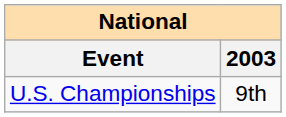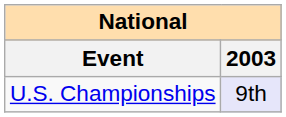 <table class="wikitable" style="text-align:center">
 <tr>
 <th style="background-color: #ffdead; " colspan=2 align=center><strong>National</strong></th>
 </tr>
 <tr>
 <th>Event</th>
 <th>2003</th>
 </tr>
 <tr>
 <td align=left><a href='#'>U.S. Championships</a></td>
-<td>9th</td>
+<td style="background: lavender;">9th</td>
 </tr>
 </table>
